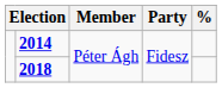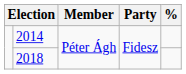 <table class=wikitable>
 <tr>
 <th colspan=2>Election</th>
 <th>Member</th>
 <th>Party</th>
 <th>%</th>
 </tr>
 <tr>
 <td rowspan=2 bgcolor=></td>
-<td><strong><a href='#'>2014</a></strong></td>
+<td><a href='#'>2014</a></td>
 <td rowspan=2><a href='#'>Péter Ágh</a></td>
 <td rowspan=2><a href='#'>Fidesz</a></td>
 <td align=right></td>
 </tr>
 <tr>
-<td><strong><a href='#'>2018</a></strong></td>
+<td><a href='#'>2018</a></td>
 <td align=right></td>
 </tr>
 </table>
